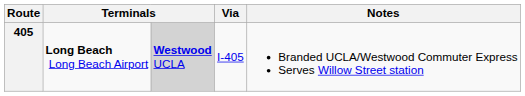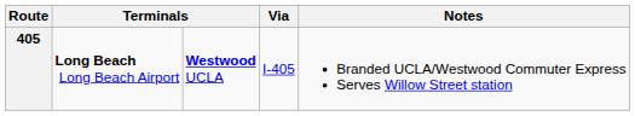 <table class="wikitable">
 <tr>
 <th>Route</th>
 <th colspan="2"><strong>Terminals</strong></th>
 <th>Via</th>
 <th>Notes</th>
 </tr>
 <tr>
 <th style="vertical-align:top">405<br></th>
 <td><strong>Long Beach</strong><br> <a href='#'>Long Beach Airport</a></td>
-<td style="background: lightgrey;"><strong><a href='#'>Westwood</a></strong><br><a href='#'>UCLA</a></td>
+<td><strong><a href='#'>Westwood</a></strong><br><a href='#'>UCLA</a></td>
 <td><a href='#'>I-405</a></td>
 <td><br><ul><li>Branded UCLA/Westwood Commuter Express</li><li>Serves <a href='#'>Willow Street station</a></li></ul></td>
 </tr>
 </table>
